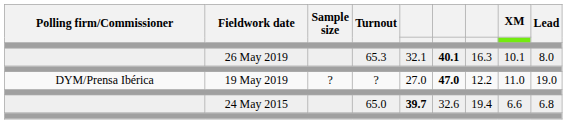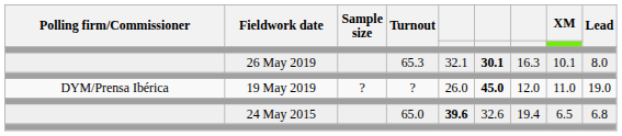 <table class="wikitable collapsible collapsed" style="text-align:center; font-size:95%; line-height:16px;">
 <tr style="height:42px;">
 <th style="width:250px;" rowspan="2">Polling firm/Commissioner</th>
 <th style="width:125px;" rowspan="2">Fieldwork date</th>
 <th style="width:50px;" rowspan="2">Sample size</th>
 <th style="width:45px;" rowspan="2">Turnout</th>
 <th style="width:35px;"></th>
 <th style="width:35px;"></th>
 <th style="width:35px;"></th>
 <th style="width:35px;">XM</th>
 <th style="width:30px;" rowspan="2">Lead</th>
 </tr>
 <tr>
 <th style="color:inherit;background:"></th>
 <th style="color:inherit;background:"></th>
 <th style="color:inherit;background:"></th>
 <th style="color:inherit;background:#73EB0F;"></th>
 </tr>
 <tr>
 <td colspan="9" style="background:#A0A0A0"></td>
 </tr>
 <tr style="background:#EFEFEF;">
 <td><strong></strong></td>
 <td>26 May 2019</td>
 <td></td>
 <td>65.3</td>
 <td>32.1<br></td>
-<td><strong>40.1</strong><br></td>
+<td><strong>30.1</strong><br></td>
 <td>16.3<br></td>
 <td>10.1<br></td>
 <td style="background:">8.0</td>
 </tr>
 <tr>
 <td colspan="9" style="background:#A0A0A0"></td>
 </tr>
 <tr>
 <td>DYM/Prensa Ibérica</td>
 <td>19 May 2019</td>
 <td>?</td>
 <td>?</td>
-<td>27.0<br></td>
-<td><strong>47.0</strong><br></td>
-<td>12.2<br></td>
+<td>26.0<br></td>
+<td><strong>45.0</strong><br></td>
+<td>12.0<br></td>
 <td>11.0<br></td>
 <td style="background:">19.0</td>
 </tr>
 <tr>
 <td colspan="9" style="background:#A0A0A0"></td>
 </tr>
 <tr style="background:#EFEFEF;">
 <td><strong></strong></td>
 <td>24 May 2015</td>
 <td></td>
 <td>65.0</td>
-<td><strong>39.7</strong><br></td>
+<td><strong>39.6</strong><br></td>
 <td>32.6<br></td>
 <td>19.4<br></td>
-<td>6.6<br></td>
+<td>6.5<br></td>
 <td style="background:">6.8</td>
 </tr>
 <tr>
 <td colspan="9" style="background:#A0A0A0"></td>
 </tr>
 </table>
